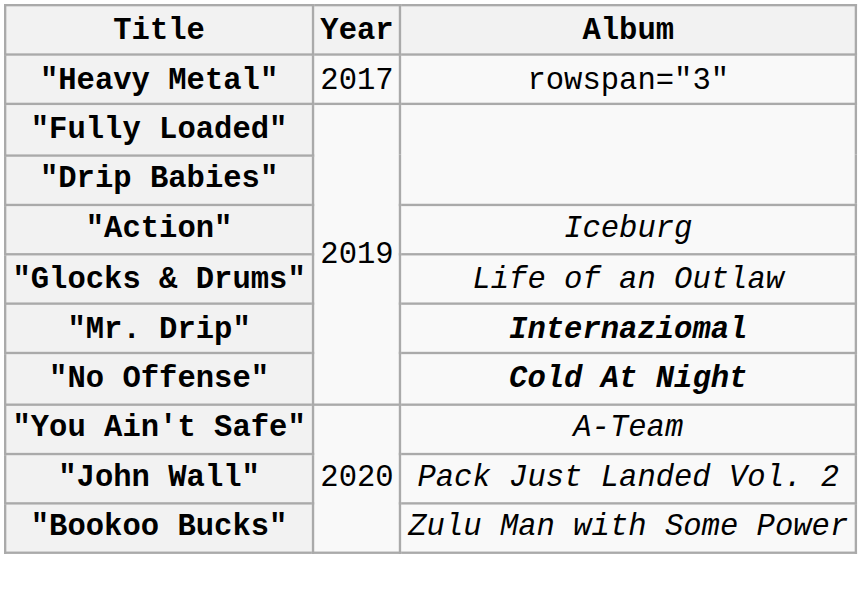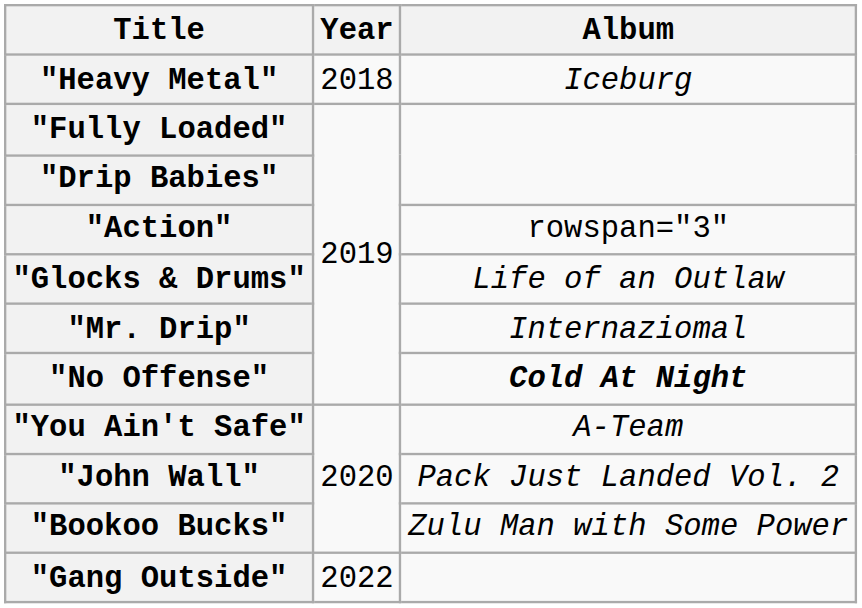 <table class="wikitable plainrowheaders" style="text-align:center;">
 <tr>
 <th scope="col">Title</th>
 <th scope="col">Year</th>
 <th scope="col">Album</th>
 </tr>
 <tr>
 <th scope="row">"Heavy Metal"<br></th>
-<td>2017</td>
-<td>rowspan="3" </td>
+<td>2018</td>
+<td><em>Iceburg</em></td>
 </tr>
 <tr>
 <th scope="row">"Fully Loaded"<br></th>
 <td rowspan="6">2019</td>
 </tr>
 <tr>
 <th scope="row">"Drip Babies"<br></th>
 </tr>
 <tr>
 <th scope="row">"Action"<br></th>
-<td><em>Iceburg</em></td>
+<td>rowspan="3" </td>
 </tr>
 <tr>
 <th scope="row">"Glocks & Drums"<br></th>
 <td><em>Life of an Outlaw</em></td>
 </tr>
 <tr>
 <th scope="row">"Mr. Drip"<br></th>
-<td><strong><em>Internaziomal</em></strong></td>
+<td><em>Internaziomal</em></td>
 </tr>
 <tr>
 <th scope="row">"No Offense"<br></th>
 <td><strong><em>Cold At Night</em></strong></td>
 </tr>
 <tr>
 <th scope="row">"You Ain't Safe"<br></th>
 <td rowspan="3">2020</td>
 <td><em>A-Team</em></td>
 </tr>
 <tr>
 <th scope="row">"John Wall"<br></th>
 <td><em>Pack Just Landed Vol. 2</em></td>
 </tr>
 <tr>
 <th scope="row">"Bookoo Bucks"<br></th>
 <td><em>Zulu Man with Some Power</em></td>
 </tr>
+<tr>
+<th scope="row">"Gang Outside"<br></th>
+<td>2022</td>
+<td></td>
+</tr>
 </table>
